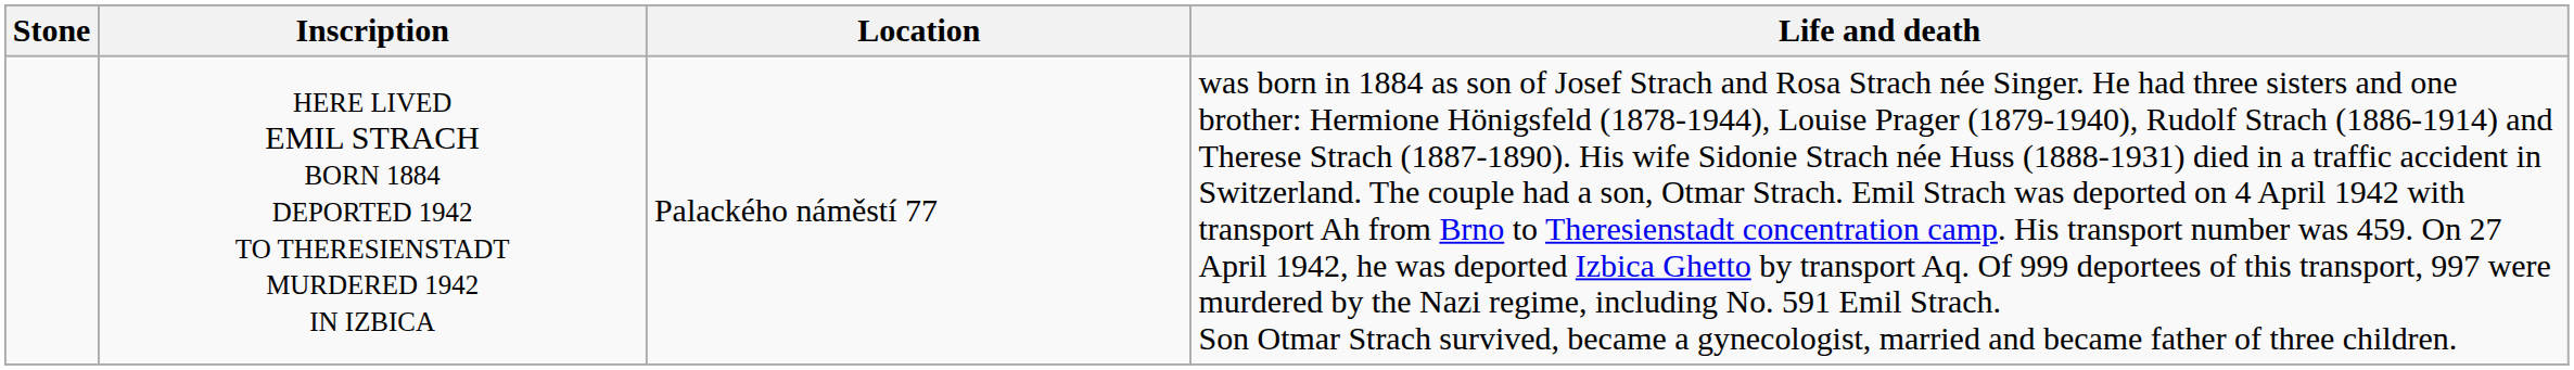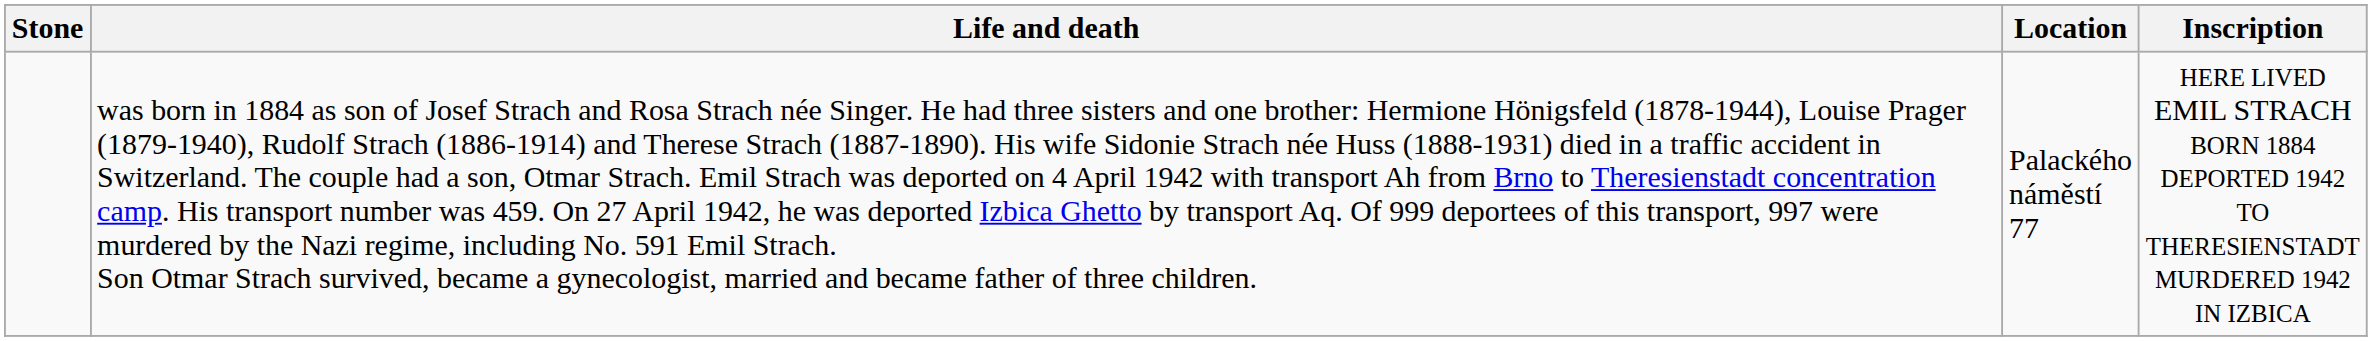 <table class="wikitable sortable toptextcells" style="width:100%">
 <tr>
 <th class="hintergrundfarbe6 unsortable" width="120px">Stone</th>
+<th class="hintergrundfarbe6" style="width:100%;">Life and death</th>
+<th class="hintergrundfarbe6" data-sort-type="text" style ="width:22%;">Location</th>
 <th class="hintergrundfarbe6 unsortable" style ="width:22%;">Inscription</th>
-<th class="hintergrundfarbe6" data-sort-type="text" style ="width:22%;">Location</th>
-<th class="hintergrundfarbe6" style="width:100%;">Life and death</th>
 </tr>
 <tr>
 <td></td>
+<td><strong></strong> was born in 1884 as son of Josef Strach and Rosa Strach née Singer. He had three sisters and one brother: Hermione Hönigsfeld (1878-1944), Louise Prager (1879-1940), Rudolf Strach (1886-1914) and Therese Strach (1887-1890). His wife Sidonie Strach née Huss (1888-1931) died in a traffic accident in Switzerland. The couple had a son, Otmar Strach. Emil Strach was deported on 4 April 1942 with transport Ah from <a href='#'>Brno</a> to <a href='#'>Theresienstadt concentration camp</a>. His transport number was 459. On 27 April 1942, he was deported <a href='#'>Izbica Ghetto</a> by transport Aq. Of 999 deportees of this transport, 997 were murdered by the Nazi regime, including No. 591 Emil Strach.<br>Son Otmar Strach survived, became a gynecologist, married and became father of three children.</td>
+<td>Palackého náměstí 77<br></td>
 <td style="text-align:center"><div><small>HERE LIVED</small><br>EMIL STRACH<br><small>BORN 1884<br>DEPORTED 1942<br>TO THERESIENSTADT<br>MURDERED 1942<br>IN IZBICA</small></div></td>
-<td>Palackého náměstí 77<br></td>
-<td><strong></strong> was born in 1884 as son of Josef Strach and Rosa Strach née Singer. He had three sisters and one brother: Hermione Hönigsfeld (1878-1944), Louise Prager (1879-1940), Rudolf Strach (1886-1914) and Therese Strach (1887-1890). His wife Sidonie Strach née Huss (1888-1931) died in a traffic accident in Switzerland. The couple had a son, Otmar Strach. Emil Strach was deported on 4 April 1942 with transport Ah from <a href='#'>Brno</a> to <a href='#'>Theresienstadt concentration camp</a>. His transport number was 459. On 27 April 1942, he was deported <a href='#'>Izbica Ghetto</a> by transport Aq. Of 999 deportees of this transport, 997 were murdered by the Nazi regime, including No. 591 Emil Strach.<br>Son Otmar Strach survived, became a gynecologist, married and became father of three children.</td>
 </tr>
 </table>
